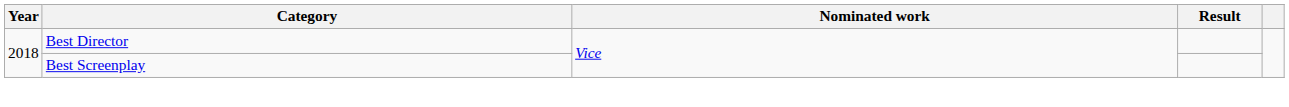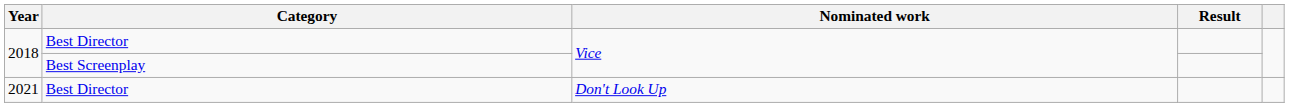 <table class=wikitable>
 <tr>
 <th scope="col" style="width:1em;">Year</th>
 <th scope="col" style="width:34em;">Category</th>
 <th scope="col" style="width:39em;">Nominated work</th>
 <th scope="col" style="width:5em;">Result</th>
 <th scope="col" style="width:1em;"></th>
 </tr>
 <tr>
 <td rowspan="2">2018</td>
 <td><a href='#'>Best Director</a></td>
 <td rowspan="2"><em><a href='#'>Vice</a></em></td>
 <td></td>
 <td rowspan="2"></td>
 </tr>
 <tr>
 <td><a href='#'>Best Screenplay</a></td>
 <td></td>
 </tr>
+<tr>
+<td>2021</td>
+<td><a href='#'>Best Director</a></td>
+<td><em><a href='#'>Don't Look Up</a></em></td>
+<td></td>
+<td></td>
+</tr>
 </table>
